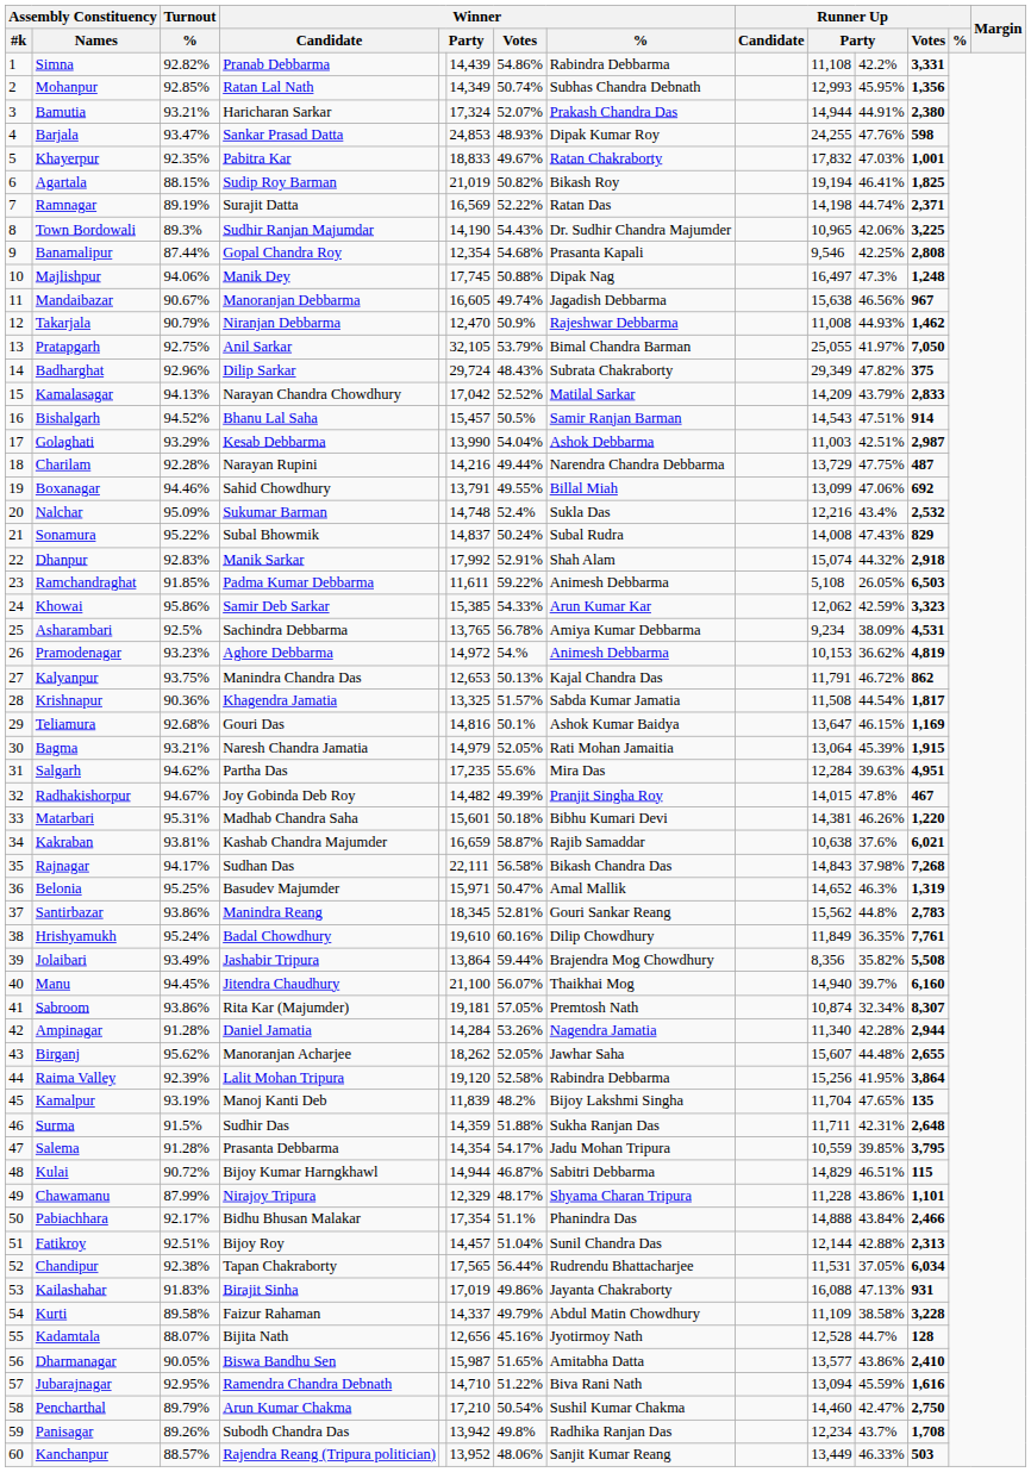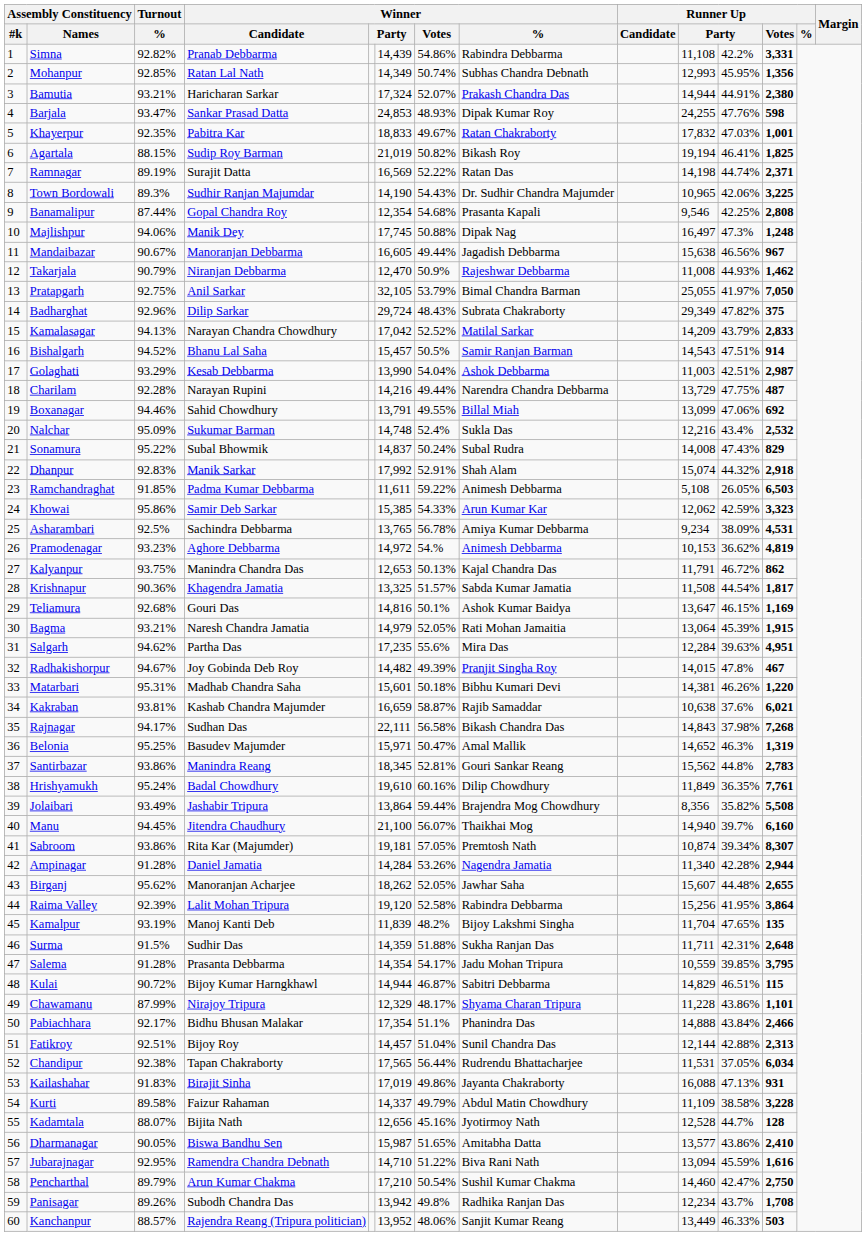 <table class="wikitable sortable">
 <tr>
 <th colspan="2">Assembly Constituency</th>
 <th>Turnout</th>
 <th colspan="5">Winner</th>
 <th colspan="5">Runner Up</th>
 <th rowspan="2" data-sort-type=number>Margin</th>
 </tr>
 <tr>
 <th>#k</th>
 <th>Names</th>
 <th>%</th>
 <th>Candidate</th>
 <th colspan="2">Party</th>
 <th data-sort-type=number>Votes</th>
 <th>%</th>
 <th>Candidate</th>
 <th colspan="2">Party</th>
 <th data-sort-type=number>Votes</th>
 <th>%</th>
 </tr>
 <tr>
 <td>1</td>
 <td><a href='#'>Simna</a></td>
 <td>92.82%</td>
 <td><a href='#'>Pranab Debbarma</a></td>
 <td></td>
 <td>14,439</td>
 <td>54.86%</td>
 <td>Rabindra Debbarma</td>
 <td></td>
 <td>11,108</td>
 <td>42.2%</td>
 <td style="background:"><span><strong>3,331</strong></span></td>
 </tr>
 <tr>
 <td>2</td>
 <td><a href='#'>Mohanpur</a></td>
 <td>92.85%</td>
 <td><a href='#'>Ratan Lal Nath</a></td>
 <td></td>
 <td>14,349</td>
 <td>50.74%</td>
 <td>Subhas Chandra Debnath</td>
 <td></td>
 <td>12,993</td>
 <td>45.95%</td>
 <td style="background:"><span><strong>1,356</strong></span></td>
 </tr>
 <tr>
 <td>3</td>
 <td><a href='#'>Bamutia</a></td>
 <td>93.21%</td>
 <td>Haricharan Sarkar</td>
 <td></td>
 <td>17,324</td>
 <td>52.07%</td>
 <td><a href='#'>Prakash Chandra Das</a></td>
 <td></td>
 <td>14,944</td>
 <td>44.91%</td>
 <td style="background:"><span><strong>2,380</strong></span></td>
 </tr>
 <tr>
 <td>4</td>
 <td><a href='#'>Barjala</a></td>
 <td>93.47%</td>
 <td><a href='#'>Sankar Prasad Datta</a></td>
 <td></td>
 <td>24,853</td>
 <td>48.93%</td>
 <td>Dipak Kumar Roy</td>
 <td></td>
 <td>24,255</td>
 <td>47.76%</td>
 <td style="background:"><span><strong>598</strong></span></td>
 </tr>
 <tr>
 <td>5</td>
 <td><a href='#'>Khayerpur</a></td>
 <td>92.35%</td>
 <td><a href='#'>Pabitra Kar</a></td>
 <td></td>
 <td>18,833</td>
 <td>49.67%</td>
 <td><a href='#'>Ratan Chakraborty</a></td>
 <td></td>
 <td>17,832</td>
 <td>47.03%</td>
 <td style="background:"><span><strong>1,001</strong></span></td>
 </tr>
 <tr>
 <td>6</td>
 <td><a href='#'>Agartala</a></td>
 <td>88.15%</td>
 <td><a href='#'>Sudip Roy Barman</a></td>
 <td></td>
 <td>21,019</td>
 <td>50.82%</td>
 <td>Bikash Roy</td>
 <td></td>
 <td>19,194</td>
 <td>46.41%</td>
 <td style="background:"><span><strong>1,825</strong></span></td>
 </tr>
 <tr>
 <td>7</td>
 <td><a href='#'>Ramnagar</a></td>
 <td>89.19%</td>
 <td>Surajit Datta</td>
 <td></td>
 <td>16,569</td>
 <td>52.22%</td>
 <td>Ratan Das</td>
 <td></td>
 <td>14,198</td>
 <td>44.74%</td>
 <td style="background:"><span><strong>2,371</strong></span></td>
 </tr>
 <tr>
 <td>8</td>
 <td><a href='#'>Town Bordowali</a></td>
 <td>89.3%</td>
 <td><a href='#'>Sudhir Ranjan Majumdar</a></td>
 <td></td>
 <td>14,190</td>
 <td>54.43%</td>
 <td>Dr. Sudhir Chandra Majumder</td>
 <td></td>
 <td>10,965</td>
 <td>42.06%</td>
 <td style="background:"><span><strong>3,225</strong></span></td>
 </tr>
 <tr>
 <td>9</td>
 <td><a href='#'>Banamalipur</a></td>
 <td>87.44%</td>
 <td><a href='#'>Gopal Chandra Roy</a></td>
 <td></td>
 <td>12,354</td>
 <td>54.68%</td>
 <td>Prasanta Kapali</td>
 <td></td>
 <td>9,546</td>
 <td>42.25%</td>
 <td style="background:"><span><strong>2,808</strong></span></td>
 </tr>
 <tr>
 <td>10</td>
 <td><a href='#'>Majlishpur</a></td>
 <td>94.06%</td>
 <td><a href='#'>Manik Dey</a></td>
 <td></td>
 <td>17,745</td>
 <td>50.88%</td>
 <td>Dipak Nag</td>
 <td></td>
 <td>16,497</td>
 <td>47.3%</td>
 <td style="background:"><span><strong>1,248</strong></span></td>
 </tr>
 <tr>
 <td>11</td>
 <td><a href='#'>Mandaibazar</a></td>
 <td>90.67%</td>
 <td><a href='#'>Manoranjan Debbarma</a></td>
 <td></td>
 <td>16,605</td>
-<td>49.74%</td>
+<td>49.44%</td>
 <td>Jagadish Debbarma</td>
 <td></td>
 <td>15,638</td>
 <td>46.56%</td>
 <td style="background:"><span><strong>967</strong></span></td>
 </tr>
 <tr>
 <td>12</td>
 <td><a href='#'>Takarjala</a></td>
 <td>90.79%</td>
 <td><a href='#'>Niranjan Debbarma</a></td>
 <td></td>
 <td>12,470</td>
 <td>50.9%</td>
 <td><a href='#'>Rajeshwar Debbarma</a></td>
 <td></td>
 <td>11,008</td>
 <td>44.93%</td>
 <td style="background:"><span><strong>1,462</strong></span></td>
 </tr>
 <tr>
 <td>13</td>
 <td><a href='#'>Pratapgarh</a></td>
 <td>92.75%</td>
 <td><a href='#'>Anil Sarkar</a></td>
 <td></td>
 <td>32,105</td>
 <td>53.79%</td>
 <td>Bimal Chandra Barman</td>
 <td></td>
 <td>25,055</td>
 <td>41.97%</td>
 <td style="background:"><span><strong>7,050</strong></span></td>
 </tr>
 <tr>
 <td>14</td>
 <td><a href='#'>Badharghat</a></td>
 <td>92.96%</td>
 <td><a href='#'>Dilip Sarkar</a></td>
 <td></td>
 <td>29,724</td>
 <td>48.43%</td>
 <td>Subrata Chakraborty</td>
 <td></td>
 <td>29,349</td>
 <td>47.82%</td>
 <td style="background:"><span><strong>375</strong></span></td>
 </tr>
 <tr>
 <td>15</td>
 <td><a href='#'>Kamalasagar</a></td>
 <td>94.13%</td>
 <td>Narayan Chandra Chowdhury</td>
 <td></td>
 <td>17,042</td>
 <td>52.52%</td>
 <td><a href='#'>Matilal Sarkar</a></td>
 <td></td>
 <td>14,209</td>
 <td>43.79%</td>
 <td style="background:"><span><strong>2,833</strong></span></td>
 </tr>
 <tr>
 <td>16</td>
 <td><a href='#'>Bishalgarh</a></td>
 <td>94.52%</td>
 <td><a href='#'>Bhanu Lal Saha</a></td>
 <td></td>
 <td>15,457</td>
 <td>50.5%</td>
 <td><a href='#'>Samir Ranjan Barman</a></td>
 <td></td>
 <td>14,543</td>
 <td>47.51%</td>
 <td style="background:"><span><strong>914</strong></span></td>
 </tr>
 <tr>
 <td>17</td>
 <td><a href='#'>Golaghati</a></td>
 <td>93.29%</td>
 <td><a href='#'>Kesab Debbarma</a></td>
 <td></td>
 <td>13,990</td>
 <td>54.04%</td>
 <td><a href='#'>Ashok Debbarma</a></td>
 <td></td>
 <td>11,003</td>
 <td>42.51%</td>
 <td style="background:"><span><strong>2,987</strong></span></td>
 </tr>
 <tr>
 <td>18</td>
 <td><a href='#'>Charilam</a></td>
 <td>92.28%</td>
 <td>Narayan Rupini</td>
 <td></td>
 <td>14,216</td>
 <td>49.44%</td>
 <td>Narendra Chandra Debbarma</td>
 <td></td>
 <td>13,729</td>
 <td>47.75%</td>
 <td style="background:"><span><strong>487</strong></span></td>
 </tr>
 <tr>
 <td>19</td>
 <td><a href='#'>Boxanagar</a></td>
 <td>94.46%</td>
 <td>Sahid Chowdhury</td>
 <td></td>
 <td>13,791</td>
 <td>49.55%</td>
 <td><a href='#'>Billal Miah</a></td>
 <td></td>
 <td>13,099</td>
 <td>47.06%</td>
 <td style="background:"><span><strong>692</strong></span></td>
 </tr>
 <tr>
 <td>20</td>
 <td><a href='#'>Nalchar</a></td>
 <td>95.09%</td>
 <td><a href='#'>Sukumar Barman</a></td>
 <td></td>
 <td>14,748</td>
 <td>52.4%</td>
 <td>Sukla Das</td>
 <td></td>
 <td>12,216</td>
 <td>43.4%</td>
 <td style="background:"><span><strong>2,532</strong></span></td>
 </tr>
 <tr>
 <td>21</td>
 <td><a href='#'>Sonamura</a></td>
 <td>95.22%</td>
 <td>Subal Bhowmik</td>
 <td></td>
 <td>14,837</td>
 <td>50.24%</td>
 <td>Subal Rudra</td>
 <td></td>
 <td>14,008</td>
 <td>47.43%</td>
 <td style="background:"><span><strong>829</strong></span></td>
 </tr>
 <tr>
 <td>22</td>
 <td><a href='#'>Dhanpur</a></td>
 <td>92.83%</td>
 <td><a href='#'>Manik Sarkar</a></td>
 <td></td>
 <td>17,992</td>
 <td>52.91%</td>
 <td>Shah Alam</td>
 <td></td>
 <td>15,074</td>
 <td>44.32%</td>
 <td style="background:"><span><strong>2,918</strong></span></td>
 </tr>
 <tr>
 <td>23</td>
 <td><a href='#'>Ramchandraghat</a></td>
 <td>91.85%</td>
 <td><a href='#'>Padma Kumar Debbarma</a></td>
 <td></td>
 <td>11,611</td>
 <td>59.22%</td>
 <td>Animesh Debbarma</td>
 <td></td>
 <td>5,108</td>
 <td>26.05%</td>
 <td style="background:"><span><strong>6,503</strong></span></td>
 </tr>
 <tr>
 <td>24</td>
 <td><a href='#'>Khowai</a></td>
 <td>95.86%</td>
 <td><a href='#'>Samir Deb Sarkar</a></td>
 <td></td>
 <td>15,385</td>
 <td>54.33%</td>
 <td><a href='#'>Arun Kumar Kar</a></td>
 <td></td>
 <td>12,062</td>
 <td>42.59%</td>
 <td style="background:"><span><strong>3,323</strong></span></td>
 </tr>
 <tr>
 <td>25</td>
 <td><a href='#'>Asharambari</a></td>
 <td>92.5%</td>
 <td>Sachindra Debbarma</td>
 <td></td>
 <td>13,765</td>
 <td>56.78%</td>
 <td>Amiya Kumar Debbarma</td>
 <td></td>
 <td>9,234</td>
 <td>38.09%</td>
 <td style="background:"><span><strong>4,531</strong></span></td>
 </tr>
 <tr>
 <td>26</td>
 <td><a href='#'>Pramodenagar</a></td>
 <td>93.23%</td>
 <td><a href='#'>Aghore Debbarma</a></td>
 <td></td>
 <td>14,972</td>
 <td>54.%</td>
 <td><a href='#'>Animesh Debbarma</a></td>
 <td></td>
 <td>10,153</td>
 <td>36.62%</td>
 <td style="background:"><span><strong>4,819</strong></span></td>
 </tr>
 <tr>
 <td>27</td>
 <td><a href='#'>Kalyanpur</a></td>
 <td>93.75%</td>
 <td>Manindra Chandra Das</td>
 <td></td>
 <td>12,653</td>
 <td>50.13%</td>
 <td>Kajal Chandra Das</td>
 <td></td>
 <td>11,791</td>
 <td>46.72%</td>
 <td style="background:"><span><strong>862</strong></span></td>
 </tr>
 <tr>
 <td>28</td>
 <td><a href='#'>Krishnapur</a></td>
 <td>90.36%</td>
 <td><a href='#'>Khagendra Jamatia</a></td>
 <td></td>
 <td>13,325</td>
 <td>51.57%</td>
 <td>Sabda Kumar Jamatia</td>
 <td></td>
 <td>11,508</td>
 <td>44.54%</td>
 <td style="background:"><span><strong>1,817</strong></span></td>
 </tr>
 <tr>
 <td>29</td>
 <td><a href='#'>Teliamura</a></td>
 <td>92.68%</td>
 <td>Gouri Das</td>
 <td></td>
 <td>14,816</td>
 <td>50.1%</td>
 <td>Ashok Kumar Baidya</td>
 <td></td>
 <td>13,647</td>
 <td>46.15%</td>
 <td style="background:"><span><strong>1,169</strong></span></td>
 </tr>
 <tr>
 <td>30</td>
 <td><a href='#'>Bagma</a></td>
 <td>93.21%</td>
 <td>Naresh Chandra Jamatia</td>
 <td></td>
 <td>14,979</td>
 <td>52.05%</td>
 <td>Rati Mohan Jamaitia</td>
 <td></td>
 <td>13,064</td>
 <td>45.39%</td>
 <td style="background:"><span><strong>1,915</strong></span></td>
 </tr>
 <tr>
 <td>31</td>
 <td><a href='#'>Salgarh</a></td>
 <td>94.62%</td>
 <td>Partha Das</td>
 <td></td>
 <td>17,235</td>
 <td>55.6%</td>
 <td>Mira Das</td>
 <td></td>
 <td>12,284</td>
 <td>39.63%</td>
 <td style="background:"><span><strong>4,951</strong></span></td>
 </tr>
 <tr>
 <td>32</td>
 <td><a href='#'>Radhakishorpur</a></td>
 <td>94.67%</td>
 <td>Joy Gobinda Deb Roy</td>
 <td></td>
 <td>14,482</td>
 <td>49.39%</td>
 <td><a href='#'>Pranjit Singha Roy</a></td>
 <td></td>
 <td>14,015</td>
 <td>47.8%</td>
 <td style="background:"><span><strong>467</strong></span></td>
 </tr>
 <tr>
 <td>33</td>
 <td><a href='#'>Matarbari</a></td>
 <td>95.31%</td>
 <td>Madhab Chandra Saha</td>
 <td></td>
 <td>15,601</td>
 <td>50.18%</td>
 <td>Bibhu Kumari Devi</td>
 <td></td>
 <td>14,381</td>
 <td>46.26%</td>
 <td style="background:"><span><strong>1,220</strong></span></td>
 </tr>
 <tr>
 <td>34</td>
 <td><a href='#'>Kakraban</a></td>
 <td>93.81%</td>
 <td>Kashab Chandra Majumder</td>
 <td></td>
 <td>16,659</td>
 <td>58.87%</td>
 <td>Rajib Samaddar</td>
 <td></td>
 <td>10,638</td>
 <td>37.6%</td>
 <td style="background:"><span><strong>6,021</strong></span></td>
 </tr>
 <tr>
 <td>35</td>
 <td><a href='#'>Rajnagar</a></td>
 <td>94.17%</td>
 <td>Sudhan Das</td>
 <td></td>
 <td>22,111</td>
 <td>56.58%</td>
 <td>Bikash Chandra Das</td>
 <td></td>
 <td>14,843</td>
 <td>37.98%</td>
 <td style="background:"><span><strong>7,268</strong></span></td>
 </tr>
 <tr>
 <td>36</td>
 <td><a href='#'>Belonia</a></td>
 <td>95.25%</td>
 <td>Basudev Majumder</td>
 <td></td>
 <td>15,971</td>
 <td>50.47%</td>
 <td>Amal Mallik</td>
 <td></td>
 <td>14,652</td>
 <td>46.3%</td>
 <td style="background:"><span><strong>1,319</strong></span></td>
 </tr>
 <tr>
 <td>37</td>
 <td><a href='#'>Santirbazar</a></td>
 <td>93.86%</td>
 <td><a href='#'>Manindra Reang</a></td>
 <td></td>
 <td>18,345</td>
 <td>52.81%</td>
 <td>Gouri Sankar Reang</td>
 <td></td>
 <td>15,562</td>
 <td>44.8%</td>
 <td style="background:"><span><strong>2,783</strong></span></td>
 </tr>
 <tr>
 <td>38</td>
 <td><a href='#'>Hrishyamukh</a></td>
 <td>95.24%</td>
 <td><a href='#'>Badal Chowdhury</a></td>
 <td></td>
 <td>19,610</td>
 <td>60.16%</td>
 <td>Dilip Chowdhury</td>
 <td></td>
 <td>11,849</td>
 <td>36.35%</td>
 <td style="background:"><span><strong>7,761</strong></span></td>
 </tr>
 <tr>
 <td>39</td>
 <td><a href='#'>Jolaibari</a></td>
 <td>93.49%</td>
 <td><a href='#'>Jashabir Tripura</a></td>
 <td></td>
 <td>13,864</td>
 <td>59.44%</td>
 <td>Brajendra Mog Chowdhury</td>
 <td></td>
 <td>8,356</td>
 <td>35.82%</td>
 <td style="background:"><span><strong>5,508</strong></span></td>
 </tr>
 <tr>
 <td>40</td>
 <td><a href='#'>Manu</a></td>
 <td>94.45%</td>
 <td><a href='#'>Jitendra Chaudhury</a></td>
 <td></td>
 <td>21,100</td>
 <td>56.07%</td>
 <td>Thaikhai Mog</td>
 <td></td>
 <td>14,940</td>
 <td>39.7%</td>
 <td style="background:"><span><strong>6,160</strong></span></td>
 </tr>
 <tr>
 <td>41</td>
 <td><a href='#'>Sabroom</a></td>
 <td>93.86%</td>
 <td>Rita Kar (Majumder)</td>
 <td></td>
 <td>19,181</td>
 <td>57.05%</td>
 <td>Premtosh Nath</td>
 <td></td>
 <td>10,874</td>
-<td>32.34%</td>
+<td>39.34%</td>
 <td style="background:"><span><strong>8,307</strong></span></td>
 </tr>
 <tr>
 <td>42</td>
 <td><a href='#'>Ampinagar</a></td>
 <td>91.28%</td>
 <td><a href='#'>Daniel Jamatia</a></td>
 <td></td>
 <td>14,284</td>
 <td>53.26%</td>
 <td><a href='#'>Nagendra Jamatia</a></td>
 <td></td>
 <td>11,340</td>
 <td>42.28%</td>
 <td style="background:"><span><strong>2,944</strong></span></td>
 </tr>
 <tr>
 <td>43</td>
 <td><a href='#'>Birganj</a></td>
 <td>95.62%</td>
 <td>Manoranjan Acharjee</td>
 <td></td>
 <td>18,262</td>
 <td>52.05%</td>
 <td>Jawhar Saha</td>
 <td></td>
 <td>15,607</td>
 <td>44.48%</td>
 <td style="background:"><span><strong>2,655</strong></span></td>
 </tr>
 <tr>
 <td>44</td>
 <td><a href='#'>Raima Valley</a></td>
 <td>92.39%</td>
 <td><a href='#'>Lalit Mohan Tripura</a></td>
 <td></td>
 <td>19,120</td>
 <td>52.58%</td>
 <td>Rabindra Debbarma</td>
 <td></td>
 <td>15,256</td>
 <td>41.95%</td>
 <td style="background:"><span><strong>3,864</strong></span></td>
 </tr>
 <tr>
 <td>45</td>
 <td><a href='#'>Kamalpur</a></td>
 <td>93.19%</td>
 <td>Manoj Kanti Deb</td>
 <td></td>
 <td>11,839</td>
 <td>48.2%</td>
 <td>Bijoy Lakshmi Singha</td>
 <td></td>
 <td>11,704</td>
 <td>47.65%</td>
 <td style="background:"><span><strong>135</strong></span></td>
 </tr>
 <tr>
 <td>46</td>
 <td><a href='#'>Surma</a></td>
 <td>91.5%</td>
 <td>Sudhir Das</td>
 <td></td>
 <td>14,359</td>
 <td>51.88%</td>
 <td>Sukha Ranjan Das</td>
 <td></td>
 <td>11,711</td>
 <td>42.31%</td>
 <td style="background:"><span><strong>2,648</strong></span></td>
 </tr>
 <tr>
 <td>47</td>
 <td><a href='#'>Salema</a></td>
 <td>91.28%</td>
 <td>Prasanta Debbarma</td>
 <td></td>
 <td>14,354</td>
 <td>54.17%</td>
 <td>Jadu Mohan Tripura</td>
 <td></td>
 <td>10,559</td>
 <td>39.85%</td>
 <td style="background:"><span><strong>3,795</strong></span></td>
 </tr>
 <tr>
 <td>48</td>
 <td><a href='#'>Kulai</a></td>
 <td>90.72%</td>
 <td>Bijoy Kumar Harngkhawl</td>
 <td></td>
 <td>14,944</td>
 <td>46.87%</td>
 <td>Sabitri Debbarma</td>
 <td></td>
 <td>14,829</td>
 <td>46.51%</td>
 <td style="background:"><span><strong>115</strong></span></td>
 </tr>
 <tr>
 <td>49</td>
 <td><a href='#'>Chawamanu</a></td>
 <td>87.99%</td>
 <td><a href='#'>Nirajoy Tripura</a></td>
 <td></td>
 <td>12,329</td>
 <td>48.17%</td>
 <td><a href='#'>Shyama Charan Tripura</a></td>
 <td></td>
 <td>11,228</td>
 <td>43.86%</td>
 <td style="background:"><span><strong>1,101</strong></span></td>
 </tr>
 <tr>
 <td>50</td>
 <td><a href='#'>Pabiachhara</a></td>
 <td>92.17%</td>
 <td>Bidhu Bhusan Malakar</td>
 <td></td>
 <td>17,354</td>
 <td>51.1%</td>
 <td>Phanindra Das</td>
 <td></td>
 <td>14,888</td>
 <td>43.84%</td>
 <td style="background:"><span><strong>2,466</strong></span></td>
 </tr>
 <tr>
 <td>51</td>
 <td><a href='#'>Fatikroy</a></td>
 <td>92.51%</td>
 <td>Bijoy Roy</td>
 <td></td>
 <td>14,457</td>
 <td>51.04%</td>
 <td>Sunil Chandra Das</td>
 <td></td>
 <td>12,144</td>
 <td>42.88%</td>
 <td style="background:"><span><strong>2,313</strong></span></td>
 </tr>
 <tr>
 <td>52</td>
 <td><a href='#'>Chandipur</a></td>
 <td>92.38%</td>
 <td>Tapan Chakraborty</td>
 <td></td>
 <td>17,565</td>
 <td>56.44%</td>
 <td>Rudrendu Bhattacharjee</td>
 <td></td>
 <td>11,531</td>
 <td>37.05%</td>
 <td style="background:"><span><strong>6,034</strong></span></td>
 </tr>
 <tr>
 <td>53</td>
 <td><a href='#'>Kailashahar</a></td>
 <td>91.83%</td>
 <td><a href='#'>Birajit Sinha</a></td>
 <td></td>
 <td>17,019</td>
 <td>49.86%</td>
 <td>Jayanta Chakraborty</td>
 <td></td>
 <td>16,088</td>
 <td>47.13%</td>
 <td style="background:"><span><strong>931</strong></span></td>
 </tr>
 <tr>
 <td>54</td>
 <td><a href='#'>Kurti</a></td>
 <td>89.58%</td>
 <td>Faizur Rahaman</td>
 <td></td>
 <td>14,337</td>
 <td>49.79%</td>
 <td>Abdul Matin Chowdhury</td>
 <td></td>
 <td>11,109</td>
 <td>38.58%</td>
 <td style="background:"><span><strong>3,228</strong></span></td>
 </tr>
 <tr>
 <td>55</td>
 <td><a href='#'>Kadamtala</a></td>
 <td>88.07%</td>
 <td>Bijita Nath</td>
 <td></td>
 <td>12,656</td>
 <td>45.16%</td>
 <td>Jyotirmoy Nath</td>
 <td></td>
 <td>12,528</td>
 <td>44.7%</td>
 <td style="background:"><span><strong>128</strong></span></td>
 </tr>
 <tr>
 <td>56</td>
 <td><a href='#'>Dharmanagar</a></td>
 <td>90.05%</td>
 <td><a href='#'>Biswa Bandhu Sen</a></td>
 <td></td>
 <td>15,987</td>
 <td>51.65%</td>
 <td>Amitabha Datta</td>
 <td></td>
 <td>13,577</td>
 <td>43.86%</td>
 <td style="background:"><span><strong>2,410</strong></span></td>
 </tr>
 <tr>
 <td>57</td>
 <td><a href='#'>Jubarajnagar</a></td>
 <td>92.95%</td>
 <td><a href='#'>Ramendra Chandra Debnath</a></td>
 <td></td>
 <td>14,710</td>
 <td>51.22%</td>
 <td>Biva Rani Nath</td>
 <td></td>
 <td>13,094</td>
 <td>45.59%</td>
 <td style="background:"><span><strong>1,616</strong></span></td>
 </tr>
 <tr>
 <td>58</td>
 <td><a href='#'>Pencharthal</a></td>
 <td>89.79%</td>
 <td><a href='#'>Arun Kumar Chakma</a></td>
 <td></td>
 <td>17,210</td>
 <td>50.54%</td>
 <td>Sushil Kumar Chakma</td>
 <td></td>
 <td>14,460</td>
 <td>42.47%</td>
 <td style="background:"><span><strong>2,750</strong></span></td>
 </tr>
 <tr>
 <td>59</td>
 <td><a href='#'>Panisagar</a></td>
 <td>89.26%</td>
 <td>Subodh Chandra Das</td>
 <td></td>
 <td>13,942</td>
 <td>49.8%</td>
 <td>Radhika Ranjan Das</td>
 <td></td>
 <td>12,234</td>
 <td>43.7%</td>
 <td style="background:"><span><strong>1,708</strong></span></td>
 </tr>
 <tr>
 <td>60</td>
 <td><a href='#'>Kanchanpur</a></td>
 <td>88.57%</td>
 <td><a href='#'>Rajendra Reang (Tripura politician)</a></td>
 <td></td>
 <td>13,952</td>
 <td>48.06%</td>
 <td>Sanjit Kumar Reang</td>
 <td></td>
 <td>13,449</td>
 <td>46.33%</td>
 <td style="background:"><span><strong>503</strong></span></td>
 </tr>
 </table>
